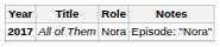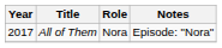 <table class="wikitable sortable">
 <tr>
 <th>Year</th>
 <th>Title</th>
 <th>Role</th>
 <th class="unsortable">Notes</th>
 </tr>
 <tr>
-<td><strong>2017</strong></td>
+<td>2017</td>
 <td><em>All of Them</em></td>
 <td>Nora</td>
 <td>Episode: "Nora"</td>
 </tr>
 <tr>
 </tr>
 </table>
